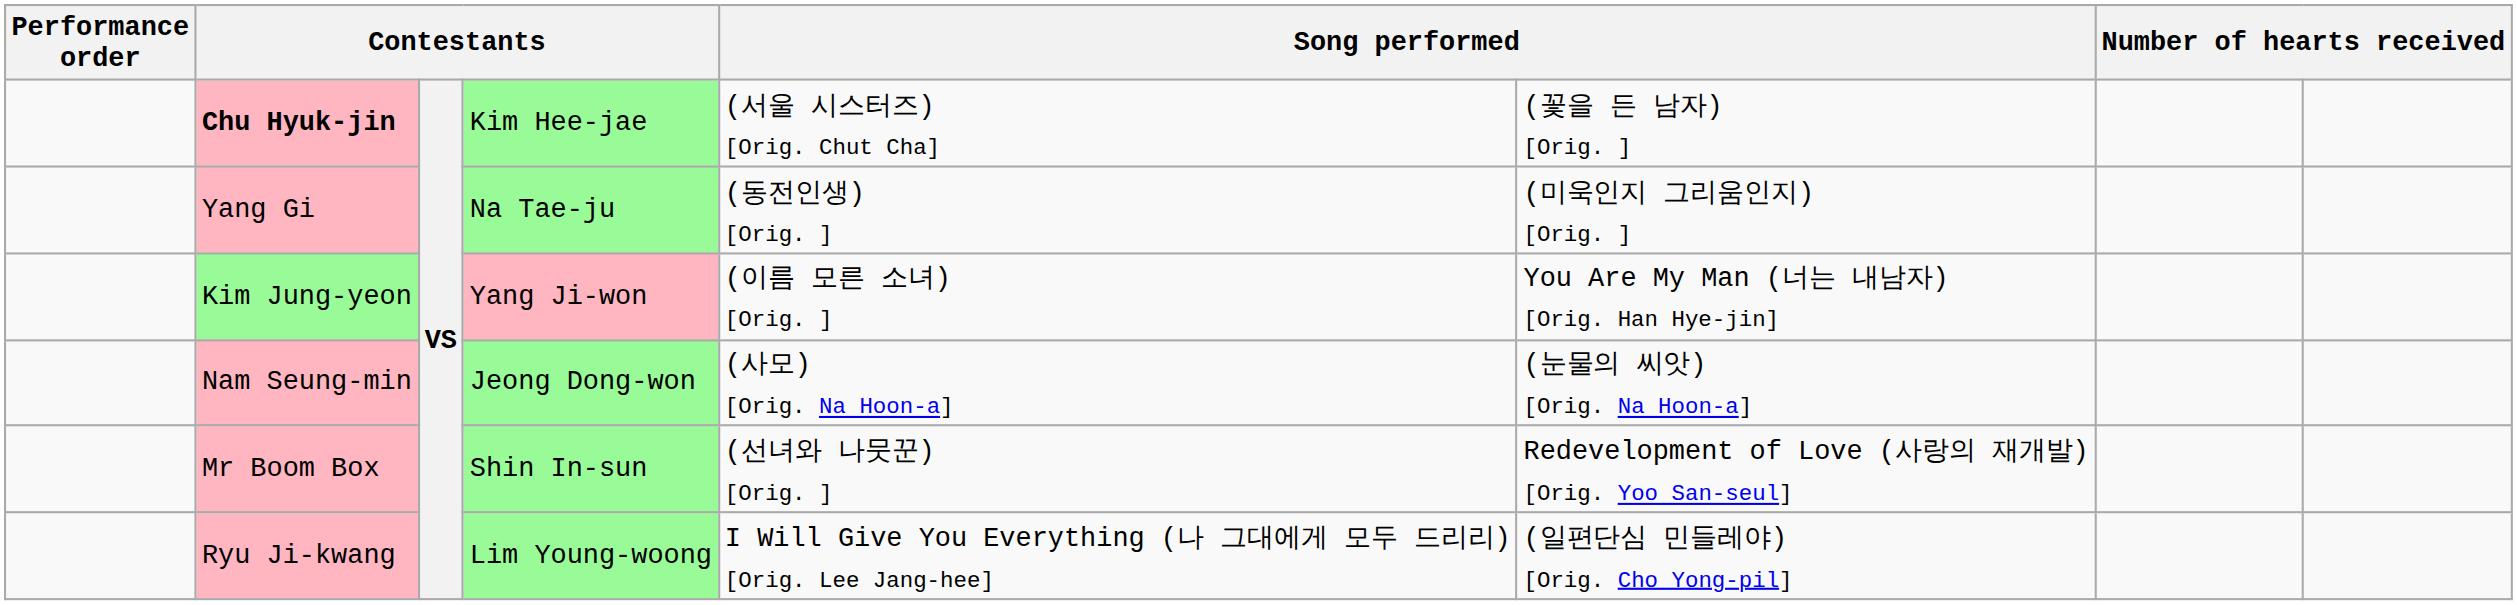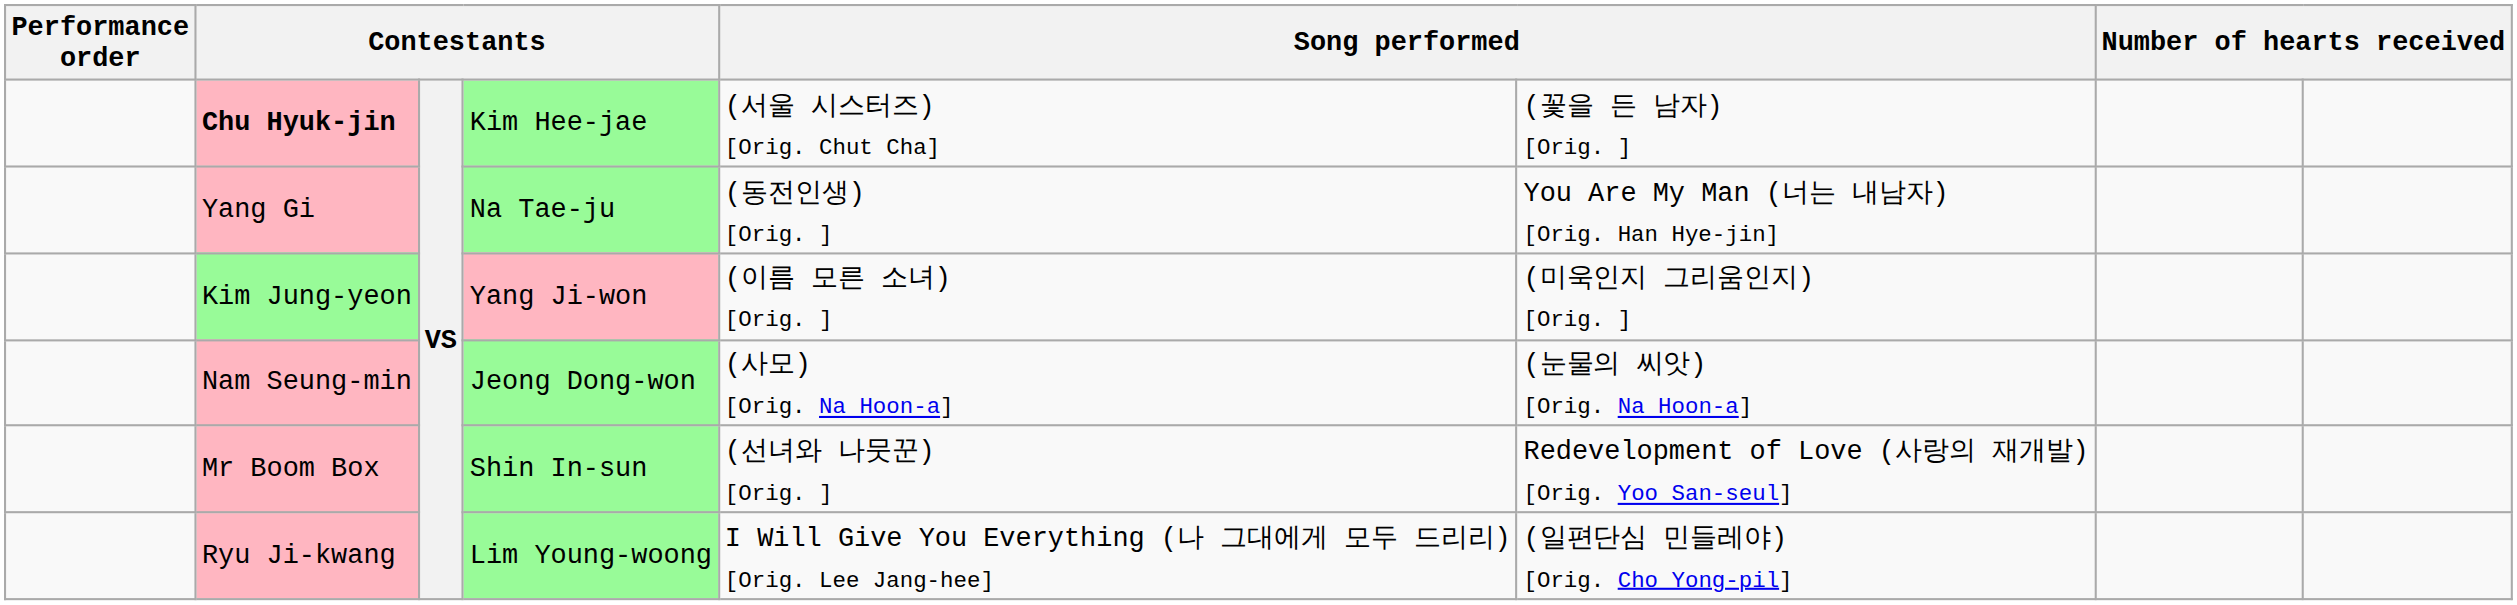 <table class=wikitable>
 <tr>
 <th>Performance<br>order</th>
 <th colspan=3>Contestants</th>
 <th colspan=2>Song performed</th>
 <th colspan=2>Number of hearts received</th>
 </tr>
 <tr>
 <td></td>
 <td bgcolor=lightpink><strong>Chu Hyuk-jin</strong></td>
 <th rowspan="24">VS</th>
 <td bgcolor=palegreen>Kim Hee-jae</td>
 <td>(서울 시스터즈)<br><sub>[Orig. Chut Cha]</sub></td>
 <td>(꽃을 든 남자)<br><sub>[Orig. ]</sub></td>
 <td></td>
 <td></td>
 </tr>
 <tr>
 <td></td>
 <td bgcolor=lightpink>Yang Gi</td>
 <td bgcolor=palegreen>Na Tae-ju</td>
 <td>(동전인생)<br><sub>[Orig. ]</sub></td>
-<td>(미욱인지 그리움인지)<br><sub>[Orig. ]</sub></td>
+<td>You Are My Man (너는 내남자)<br><sub>[Orig. Han Hye-jin]</sub></td>
 <td></td>
 <td></td>
 </tr>
 <tr>
 <td></td>
 <td bgcolor=palegreen>Kim Jung-yeon</td>
 <td bgcolor=lightpink>Yang Ji-won</td>
 <td>(이름 모른 소녀)<br><sub>[Orig. ]</sub></td>
-<td>You Are My Man (너는 내남자)<br><sub>[Orig. Han Hye-jin]</sub></td>
+<td>(미욱인지 그리움인지)<br><sub>[Orig. ]</sub></td>
 <td></td>
 <td></td>
 </tr>
 <tr>
 <td></td>
 <td bgcolor=lightpink>Nam Seung-min</td>
 <td bgcolor=palegreen>Jeong Dong-won</td>
 <td>(사모)<br><sub>[Orig. <a href='#'>Na Hoon-a</a>]</sub></td>
 <td>(눈물의 씨앗)<br><sub>[Orig. <a href='#'>Na Hoon-a</a>]</sub></td>
 <td></td>
 <td></td>
 </tr>
 <tr>
 <td></td>
 <td bgcolor=lightpink>Mr Boom Box</td>
 <td bgcolor=palegreen>Shin In-sun</td>
 <td>(선녀와 나뭇꾼)<br><sub>[Orig. ]</sub></td>
 <td>Redevelopment of Love (사랑의 재개발)<br><sub>[Orig. <a href='#'>Yoo San-seul</a>]</sub></td>
 <td></td>
 <td></td>
 </tr>
 <tr>
 <td></td>
 <td bgcolor=lightpink>Ryu Ji-kwang</td>
 <td bgcolor=palegreen>Lim Young-woong</td>
 <td>I Will Give You Everything (나 그대에게 모두 드리리)<br><sub>[Orig. Lee Jang-hee]</sub></td>
 <td>(일편단심 민들레야)<br><sub>[Orig. <a href='#'>Cho Yong-pil</a>]</sub></td>
 <td></td>
 <td></td>
 </tr>
 </table>
